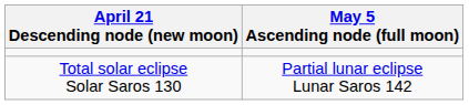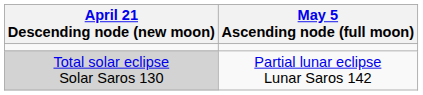 <table class="wikitable">
 <tr>
 <th><a href='#'>April 21</a><br>Descending node (new moon)<br></th>
 <th><a href='#'>May 5</a><br>Ascending node (full moon)<br></th>
 </tr>
 <tr>
 <td></td>
 <td></td>
 </tr>
 <tr align=center>
-<td><a href='#'>Total solar eclipse</a><br>Solar Saros 130</td>
+<td style="background: lightgrey;"><a href='#'>Total solar eclipse</a><br>Solar Saros 130</td>
 <td><a href='#'>Partial lunar eclipse</a><br>Lunar Saros 142</td>
 </tr>
 </table>
